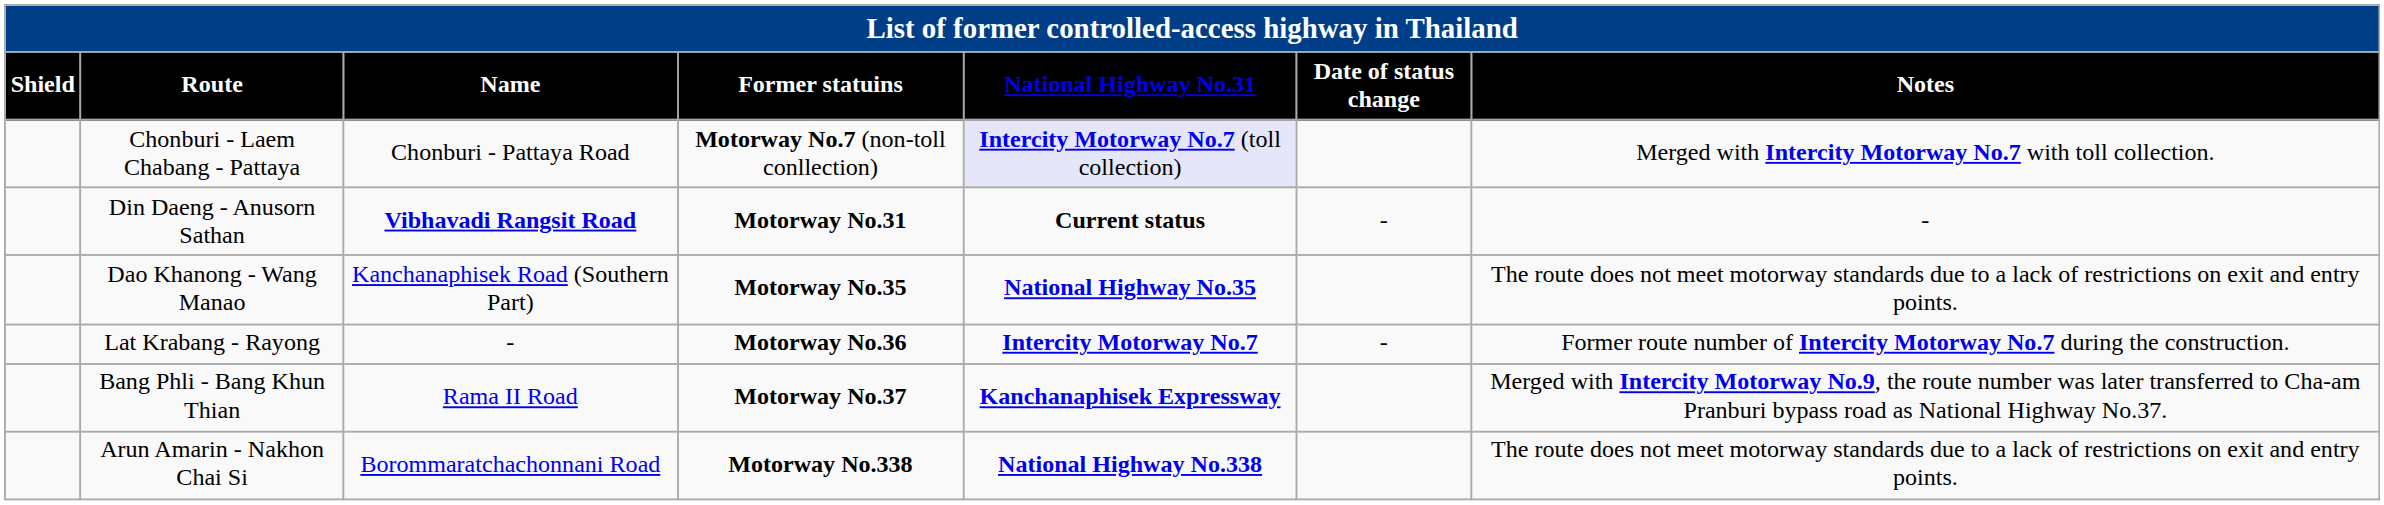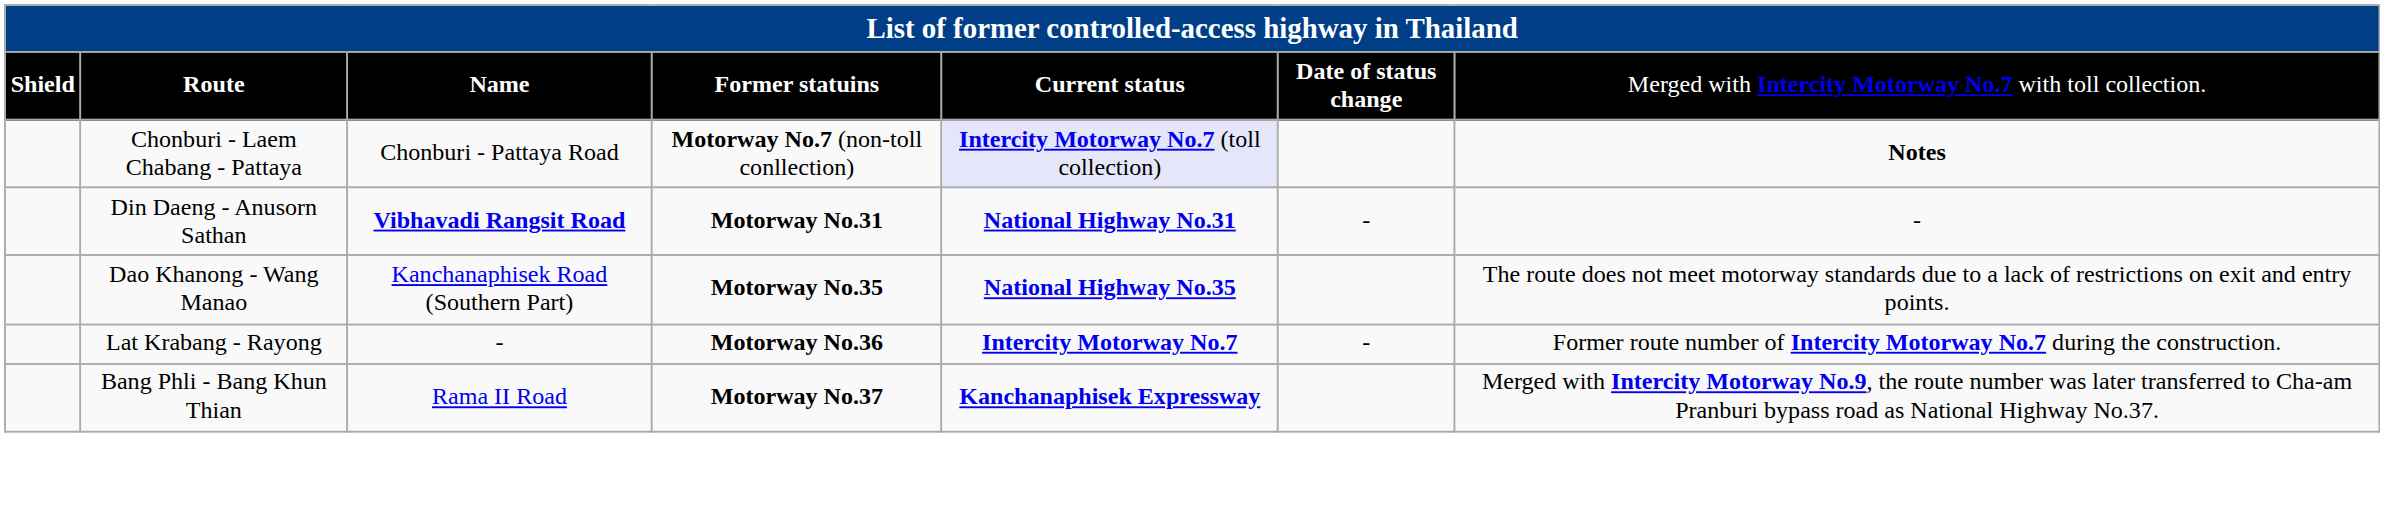 <table class="wikitable" style="margin:auto;font-align:center;text-align:center;font-size:80%;">
 <tr style="background:#003f87; text-align:center; color:white; font-size:120%;">
 <td colspan="7"><strong>List of former controlled-access highway in Thailand</strong></td>
 </tr>
 <tr bgcolor="000000" align="center" style="color: white">
 <td><strong>Shield</strong></td>
 <td><strong>Route</strong></td>
 <td><strong>Name</strong></td>
 <td><strong>Former statuins</strong></td>
-<td> <strong><a href='#'>National Highway No.31</a></strong></td>
+<td><strong>Current status</strong></td>
 <td><strong>Date of status change</strong></td>
-<td><strong>Notes</strong></td>
+<td>Merged with <strong><a href='#'>Intercity Motorway No.7</a></strong> with toll collection.</td>
 </tr>
 <tr>
 <td></td>
 <td>Chonburi - Laem Chabang - Pattaya</td>
 <td>Chonburi - Pattaya Road</td>
 <td><strong>Motorway No.7</strong> (non-toll conllection)</td>
 <td style="background: lavender;"> <strong><a href='#'>Intercity Motorway No.7</a></strong> (toll collection)</td>
 <td></td>
-<td>Merged with <strong><a href='#'>Intercity Motorway No.7</a></strong> with toll collection.</td>
+<td><strong>Notes</strong></td>
 </tr>
 <tr>
 <td></td>
 <td>Din Daeng - Anusorn Sathan</td>
 <td><strong><a href='#'>Vibhavadi Rangsit Road</a></strong></td>
 <td> <strong>Motorway No.31</strong></td>
-<td><strong>Current status</strong></td>
+<td> <strong><a href='#'>National Highway No.31</a></strong></td>
 <td>-</td>
 <td>-</td>
 </tr>
 <tr>
 <td></td>
 <td>Dao Khanong - Wang Manao</td>
 <td><a href='#'>Kanchanaphisek Road</a> (Southern Part)</td>
 <td> <strong>Motorway No.35</strong></td>
 <td> <strong><a href='#'>National Highway No.35</a></strong></td>
 <td></td>
 <td>The route does not meet motorway standards due to a lack of restrictions on exit and entry points.</td>
 </tr>
 <tr>
 <td></td>
 <td>Lat Krabang - Rayong</td>
 <td>-</td>
 <td> <strong>Motorway No.36</strong></td>
 <td> <strong><a href='#'>Intercity Motorway No.7</a></strong></td>
 <td>-</td>
 <td>Former route number of <strong><a href='#'>Intercity Motorway No.7</a></strong> during the construction.</td>
 </tr>
 <tr>
 <td></td>
 <td>Bang Phli - Bang Khun Thian</td>
 <td><a href='#'>Rama II Road</a></td>
 <td> <strong>Motorway No.37</strong></td>
 <td><strong> <a href='#'>Kanchanaphisek Expressway</a></strong></td>
 <td></td>
 <td>Merged with <a href='#'><strong>Intercity Motorway No.9</strong></a>, the route number was later transferred to Cha-am Pranburi bypass road as  National Highway No.37.</td>
 </tr>
-<tr>
-<td></td>
-<td>Arun Amarin - Nakhon Chai Si</td>
-<td><a href='#'>Borommaratchachonnani Road</a></td>
-<td> <strong>Motorway No.338</strong></td>
-<td> <strong><a href='#'>National Highway No.338</a></strong></td>
-<td></td>
-<td>The route does not meet motorway standards due to a lack of restrictions on exit and entry points.</td>
-</tr>
 </table>
